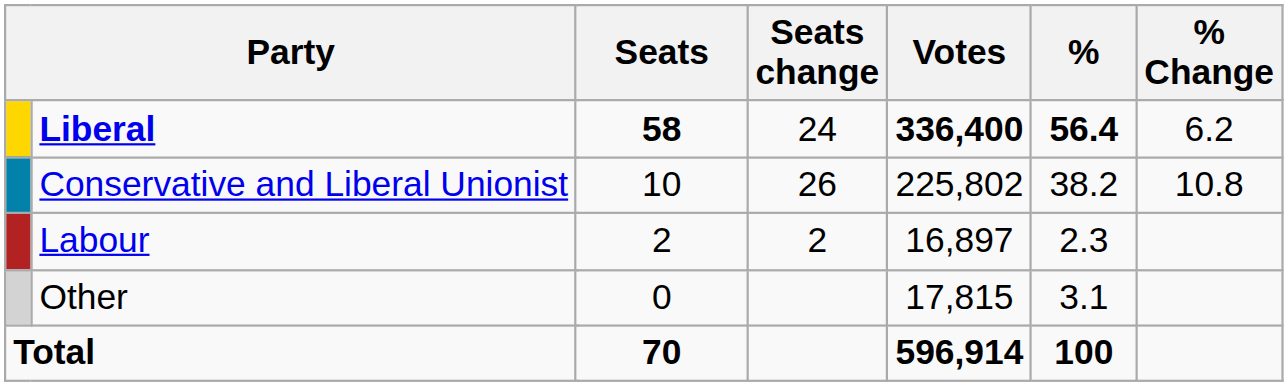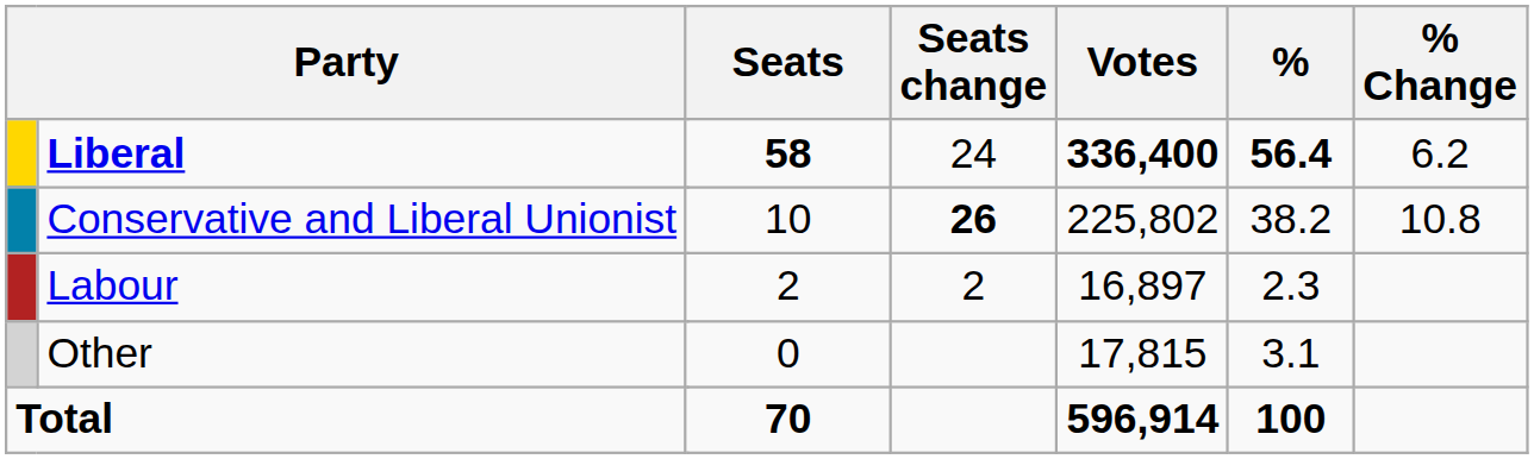 <table class="wikitable sortable">
 <tr>
 <th style="width:200px" colspan=3>Party</th>
 <th style="width:70px;">Seats</th>
 <th style="width:40px;">Seats change</th>
 <th style="width:40px;">Votes</th>
 <th style="width:40px;">%</th>
 <th style="width:40px;">% Change</th>
 </tr>
 <tr>
 <td style="background-color:#FFD700"> </td>
 <td colspan=2><strong><a href='#'>Liberal</a></strong></td>
 <td align=center><strong>58</strong></td>
 <td align=center> 24</td>
 <td align=center><strong>336,400</strong></td>
 <td align=center><strong>56.4</strong></td>
 <td align=center> 6.2</td>
 </tr>
 <tr>
 <td style="background-color:#0281AA"> </td>
 <td colspan=2><a href='#'>Conservative and Liberal Unionist</a></td>
 <td align="center">10</td>
-<td align="center"> 26</td>
+<td align="center"><strong> 26</strong></td>
 <td align="center">225,802</td>
 <td align="center">38.2</td>
 <td align="center"> 10.8</td>
 </tr>
 <tr>
 <td style="background-color:#B22222"> </td>
 <td colspan=2><a href='#'>Labour</a></td>
 <td align=center>2</td>
 <td align=center> 2</td>
 <td align=center>16,897</td>
 <td align=center>2.3</td>
 <td align=center></td>
 </tr>
 <tr>
 <td style="background-color:#D3D3D3"> </td>
 <td colspan=2>Other</td>
 <td align="center">0</td>
 <td align="center"></td>
 <td align="center">17,815</td>
 <td align="center">3.1</td>
 <td align="center"></td>
 </tr>
 <tr>
 <td colspan=3><strong>Total</strong></td>
 <td align=center><strong>70</strong></td>
 <td align=center></td>
 <td align=center><strong>596,914</strong></td>
 <td align=center><strong>100</strong></td>
 <td align=center></td>
 </tr>
 </table>
